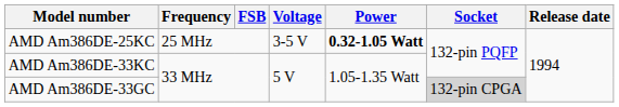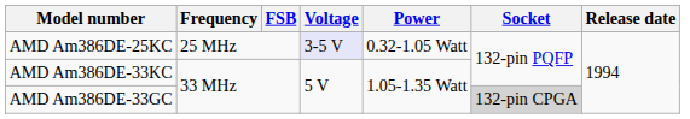 <table class="wikitable">
 <tr>
 <th>Model number</th>
 <th>Frequency</th>
 <th><a href='#'>FSB</a></th>
 <th><a href='#'>Voltage</a></th>
 <th><a href='#'>Power</a></th>
 <th><a href='#'>Socket</a></th>
 <th>Release date</th>
 </tr>
 <tr>
 <td>AMD Am386DE-25KC</td>
 <td colspan="2">25 MHz</td>
-<td>3-5 V</td>
-<td><strong>0.32-1.05 Watt</strong></td>
+<td style="background: lavender;">3-5 V</td>
+<td>0.32-1.05 Watt</td>
 <td rowspan="2">132-pin <a href='#'>PQFP</a></td>
 <td rowspan="3">1994</td>
 </tr>
 <tr>
 <td>AMD Am386DE-33KC</td>
 <td colspan="2" rowspan="2">33 MHz</td>
 <td rowspan="2">5 V</td>
 <td rowspan="2">1.05-1.35 Watt</td>
 </tr>
 <tr>
 <td>AMD Am386DE-33GC</td>
 <td style="background: lightgrey;">132-pin CPGA</td>
 </tr>
 </table>
